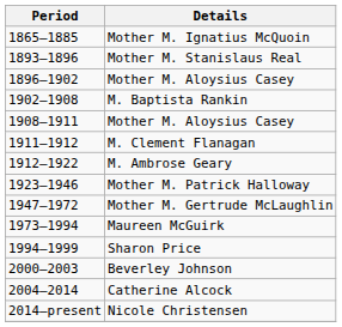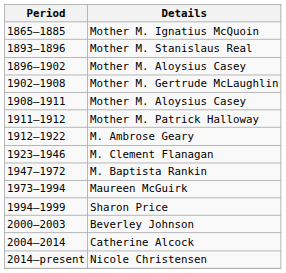 <table class="wikitable">
 <tr>
 <th>Period</th>
 <th>Details</th>
 </tr>
 <tr>
 <td>1865–1885</td>
 <td>Mother M. Ignatius McQuoin</td>
 </tr>
 <tr>
 <td>1893–1896</td>
 <td>Mother M. Stanislaus Real</td>
 </tr>
 <tr>
 <td>1896–1902</td>
 <td>Mother M. Aloysius Casey</td>
 </tr>
 <tr>
 <td>1902–1908</td>
-<td>M. Baptista Rankin</td>
+<td>Mother M. Gertrude McLaughlin</td>
 </tr>
 <tr>
 <td>1908–1911</td>
 <td>Mother M. Aloysius Casey</td>
 </tr>
 <tr>
 <td>1911–1912</td>
-<td>M. Clement Flanagan</td>
+<td>Mother M. Patrick Halloway</td>
 </tr>
 <tr>
 <td>1912–1922</td>
 <td>M. Ambrose Geary</td>
 </tr>
 <tr>
 <td>1923–1946</td>
-<td>Mother M. Patrick Halloway</td>
+<td>M. Clement Flanagan</td>
 </tr>
 <tr>
 <td>1947–1972</td>
-<td>Mother M. Gertrude McLaughlin</td>
+<td>M. Baptista Rankin</td>
 </tr>
 <tr>
 <td>1973–1994</td>
 <td>Maureen McGuirk</td>
 </tr>
 <tr>
 <td>1994–1999</td>
 <td>Sharon Price</td>
 </tr>
 <tr>
 <td>2000–2003</td>
 <td>Beverley Johnson</td>
 </tr>
 <tr>
 <td>2004–2014</td>
 <td>Catherine Alcock</td>
 </tr>
 <tr>
 <td>2014–present</td>
 <td>Nicole Christensen</td>
 </tr>
 <tr>
 </tr>
 </table>
